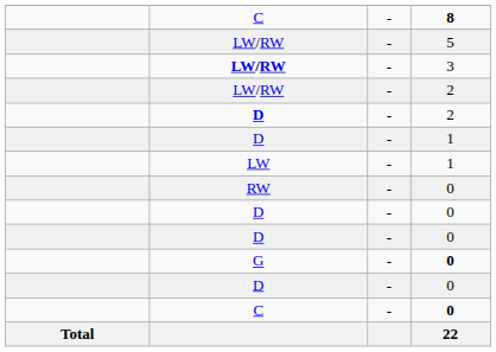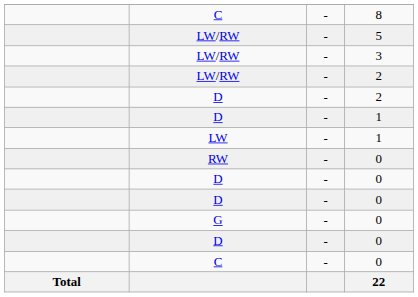 <table class="wikitable sortable" width ="40%">
 <tr align="center">
 </tr>
 <tr align="center" bgcolor="">
 <td></td>
 <td><a href='#'>C</a></td>
 <td>-</td>
-<td><strong>8</strong></td>
+<td>8</td>
 </tr>
 <tr align="center" bgcolor="f0f0f0">
 <td></td>
 <td><a href='#'>LW</a>/<a href='#'>RW</a></td>
 <td>-</td>
 <td>5</td>
 </tr>
 <tr align="center" bgcolor="">
 <td></td>
-<td><strong><a href='#'>LW</a>/<a href='#'>RW</a></strong></td>
+<td><a href='#'>LW</a>/<a href='#'>RW</a></td>
 <td>-</td>
 <td>3</td>
 </tr>
 <tr align="center" bgcolor="f0f0f0">
 <td></td>
 <td><a href='#'>LW</a>/<a href='#'>RW</a></td>
 <td>-</td>
 <td>2</td>
 </tr>
 <tr align="center" bgcolor="">
 <td></td>
-<td><strong><a href='#'>D</a></strong></td>
+<td><a href='#'>D</a></td>
 <td>-</td>
 <td>2</td>
 </tr>
 <tr align="center" bgcolor="f0f0f0">
 <td></td>
 <td><a href='#'>D</a></td>
 <td>-</td>
 <td>1</td>
 </tr>
 <tr align="center" bgcolor="">
 <td></td>
 <td><a href='#'>LW</a></td>
 <td>-</td>
 <td>1</td>
 </tr>
 <tr align="center" bgcolor="f0f0f0">
 <td></td>
 <td><a href='#'>RW</a></td>
 <td>-</td>
 <td>0</td>
 </tr>
 <tr align="center" bgcolor="">
 <td></td>
 <td><a href='#'>D</a></td>
 <td>-</td>
 <td>0</td>
 </tr>
 <tr align="center" bgcolor="f0f0f0">
 <td></td>
 <td><a href='#'>D</a></td>
 <td>-</td>
 <td>0</td>
 </tr>
 <tr align="center" bgcolor="">
 <td></td>
 <td><a href='#'>G</a></td>
 <td>-</td>
-<td><strong>0</strong></td>
+<td>0</td>
 </tr>
 <tr align="center" bgcolor="f0f0f0">
 <td></td>
 <td><a href='#'>D</a></td>
 <td>-</td>
 <td>0</td>
 </tr>
 <tr align="center" bgcolor="">
 <td></td>
 <td><a href='#'>C</a></td>
 <td>-</td>
-<td><strong>0</strong></td>
+<td>0</td>
 </tr>
 <tr>
 <th>Total</th>
 <th></th>
 <th></th>
 <th>22</th>
 </tr>
 </table>
